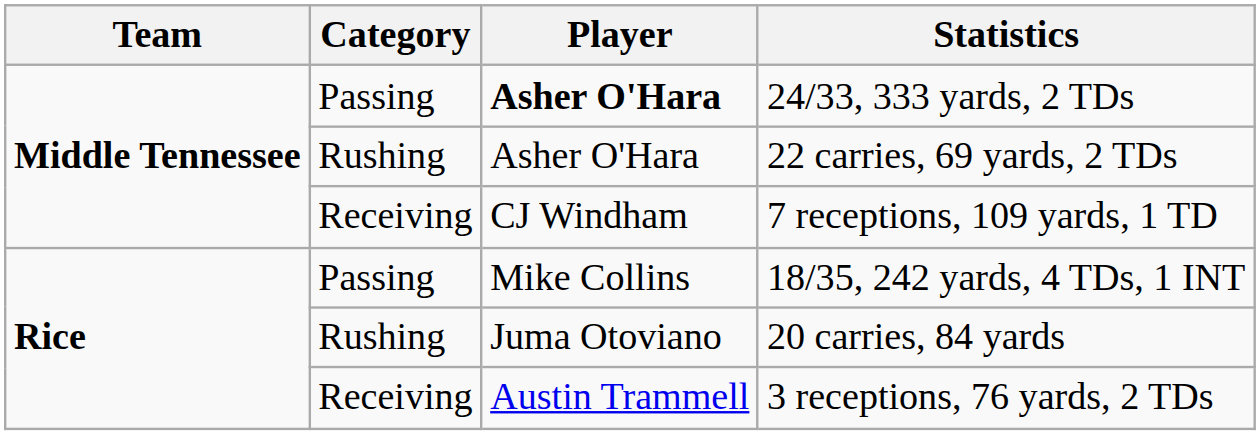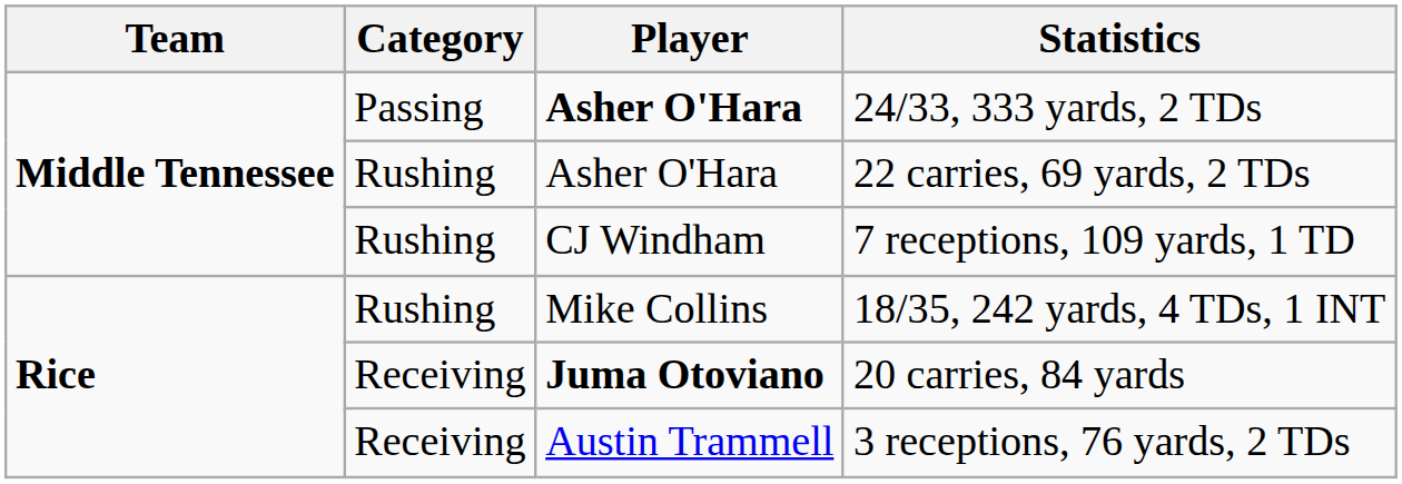 <table class="wikitable" style="float: left;">
 <tr>
 <th>Team</th>
 <th>Category</th>
 <th>Player</th>
 <th>Statistics</th>
 </tr>
 <tr>
 <td rowspan=3><strong>Middle Tennessee</strong></td>
 <td>Passing</td>
 <td><strong>Asher O'Hara</strong></td>
 <td>24/33, 333 yards, 2 TDs</td>
 </tr>
 <tr>
 <td>Rushing</td>
 <td>Asher O'Hara</td>
 <td>22 carries, 69 yards, 2 TDs</td>
 </tr>
 <tr>
-<td>Receiving</td>
+<td>Rushing</td>
 <td>CJ Windham</td>
 <td>7 receptions, 109 yards, 1 TD</td>
 </tr>
 <tr>
 <td rowspan=3><strong>Rice</strong></td>
-<td>Passing</td>
+<td>Rushing</td>
 <td>Mike Collins</td>
 <td>18/35, 242 yards, 4 TDs, 1 INT</td>
 </tr>
 <tr>
-<td>Rushing</td>
-<td>Juma Otoviano</td>
+<td>Receiving</td>
+<td><strong>Juma Otoviano</strong></td>
 <td>20 carries, 84 yards</td>
 </tr>
 <tr>
 <td>Receiving</td>
 <td><a href='#'>Austin Trammell</a></td>
 <td>3 receptions, 76 yards, 2 TDs</td>
 </tr>
 </table>
